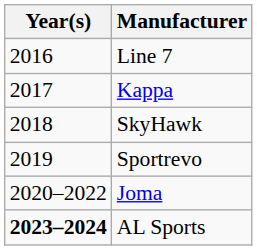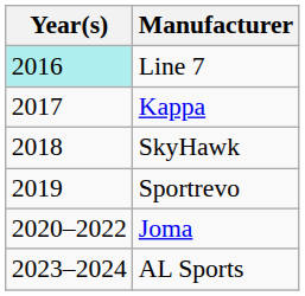 <table class="wikitable">
 <tr>
 <th>Year(s)</th>
 <th>Manufacturer</th>
 </tr>
 <tr>
-<td>2016</td>
+<td style="background: paleturquoise;">2016</td>
 <td>Line 7</td>
 </tr>
 <tr>
 <td>2017</td>
 <td><a href='#'>Kappa</a></td>
 </tr>
 <tr>
 <td>2018</td>
 <td>SkyHawk</td>
 </tr>
 <tr>
 <td>2019</td>
 <td>Sportrevo</td>
 </tr>
 <tr>
 <td>2020–2022</td>
 <td><a href='#'>Joma</a></td>
 </tr>
 <tr>
-<td><strong>2023–2024</strong></td>
+<td>2023–2024</td>
 <td>AL Sports</td>
 </tr>
 </table>
